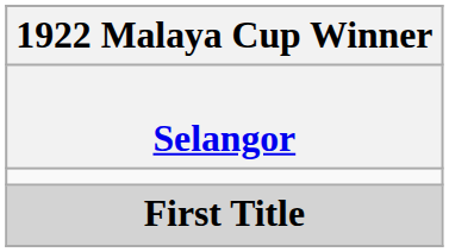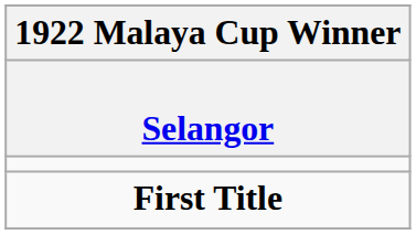 <table class="wikitable" style="text-align: center; margin: 0 auto;">
 <tr>
 <th>1922 Malaya Cup Winner</th>
 </tr>
 <tr>
 <th><br><a href='#'><strong>Selangor</strong></a></th>
 </tr>
 <tr>
 <td></td>
 </tr>
 <tr>
-<td style="background: lightgrey;"><strong>First Title</strong></td>
+<td><strong>First Title</strong></td>
 </tr>
 </table>
